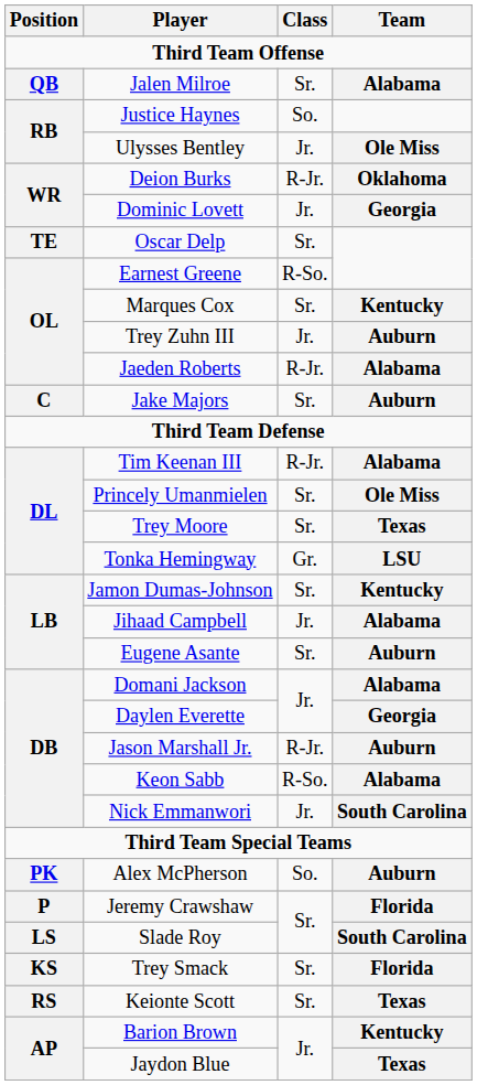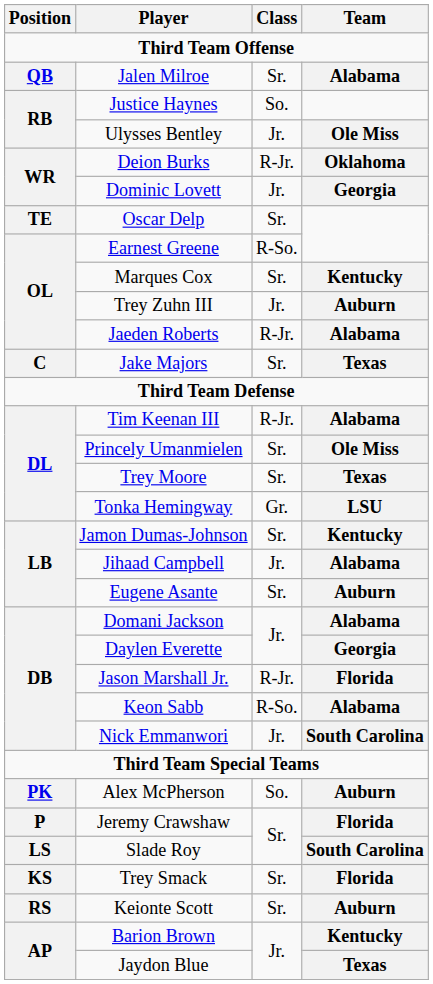 <table class="wikitable">
 <tr>
 <th>Position</th>
 <th>Player</th>
 <th>Class</th>
 <th>Team</th>
 </tr>
 <tr>
 <td colspan="4" style="text-align:center; "><strong>Third Team Offense</strong></td>
 </tr>
 <tr style="text-align:center;">
 <th rowspan="1"><a href='#'>QB</a></th>
 <td><a href='#'>Jalen Milroe</a></td>
 <td>Sr.</td>
 <th>Alabama</th>
 </tr>
 <tr style="text-align:center;">
 <th rowspan="2">RB</th>
 <td><a href='#'>Justice Haynes</a></td>
 <td>So.</td>
 </tr>
 <tr style="text-align:center;">
 <td>Ulysses Bentley</td>
 <td>Jr.</td>
 <th>Ole Miss</th>
 </tr>
 <tr style="text-align:center;">
 <th rowspan="2">WR</th>
 <td><a href='#'>Deion Burks</a></td>
 <td>R-Jr.</td>
 <th>Oklahoma</th>
 </tr>
 <tr style="text-align:center;">
 <td><a href='#'>Dominic Lovett</a></td>
 <td>Jr.</td>
 <th>Georgia</th>
 </tr>
 <tr style="text-align:center;">
 <th>TE</th>
 <td><a href='#'>Oscar Delp</a></td>
 <td>Sr.</td>
 </tr>
 <tr style="text-align:center;">
 <th rowspan="4">OL</th>
 <td><a href='#'>Earnest Greene</a></td>
 <td>R-So.</td>
 </tr>
 <tr style="text-align:center;">
 <td>Marques Cox</td>
 <td>Sr.</td>
 <th>Kentucky</th>
 </tr>
 <tr style="text-align:center;">
 <td>Trey Zuhn III</td>
 <td>Jr.</td>
 <th>Auburn</th>
 </tr>
 <tr style="text-align:center;">
 <td><a href='#'>Jaeden Roberts</a></td>
 <td>R-Jr.</td>
 <th>Alabama</th>
 </tr>
 <tr style="text-align:center;">
 <th>C</th>
 <td><a href='#'>Jake Majors</a></td>
 <td>Sr.</td>
-<th>Auburn</th>
+<th>Texas</th>
 </tr>
 <tr style="text-align:center;">
 <td colspan="4" style="text-align:center; "><strong>Third Team Defense</strong></td>
 </tr>
 <tr style="text-align:center;">
 <th rowspan="4"><a href='#'>DL</a></th>
 <td><a href='#'>Tim Keenan III</a></td>
 <td>R-Jr.</td>
 <th>Alabama</th>
 </tr>
 <tr style="text-align:center;">
 <td><a href='#'>Princely Umanmielen</a></td>
 <td>Sr.</td>
 <th>Ole Miss</th>
 </tr>
 <tr style="text-align:center;">
 <td><a href='#'>Trey Moore</a></td>
 <td>Sr.</td>
 <th>Texas</th>
 </tr>
 <tr style="text-align:center;">
 <td><a href='#'>Tonka Hemingway</a></td>
 <td>Gr.</td>
 <th>LSU</th>
 </tr>
 <tr style="text-align:center;">
 <th rowspan="3">LB</th>
 <td><a href='#'>Jamon Dumas-Johnson</a></td>
 <td>Sr.</td>
 <th>Kentucky</th>
 </tr>
 <tr style="text-align:center;">
 <td><a href='#'>Jihaad Campbell</a></td>
 <td>Jr.</td>
 <th>Alabama</th>
 </tr>
 <tr style="text-align:center;">
 <td><a href='#'>Eugene Asante</a></td>
 <td>Sr.</td>
 <th>Auburn</th>
 </tr>
 <tr style="text-align:center;">
 <th rowspan="5">DB</th>
 <td><a href='#'>Domani Jackson</a></td>
 <td rowspan=2>Jr.</td>
 <th>Alabama</th>
 </tr>
 <tr style="text-align:center;">
 <td><a href='#'>Daylen Everette</a></td>
 <th>Georgia</th>
 </tr>
 <tr style="text-align:center;">
 <td><a href='#'>Jason Marshall Jr.</a></td>
 <td>R-Jr.</td>
-<th>Auburn</th>
+<th>Florida</th>
 </tr>
 <tr style="text-align:center;">
 <td><a href='#'>Keon Sabb</a></td>
 <td>R-So.</td>
 <th>Alabama</th>
 </tr>
 <tr style="text-align:center;">
 <td><a href='#'>Nick Emmanwori</a></td>
 <td>Jr.</td>
 <th>South Carolina</th>
 </tr>
 <tr>
 <td colspan="4" style="text-align:center; "><strong>Third Team Special Teams</strong></td>
 </tr>
 <tr style="text-align:center;">
 <th rowspan="1"><a href='#'>PK</a></th>
 <td>Alex McPherson</td>
 <td>So.</td>
 <th>Auburn</th>
 </tr>
 <tr style="text-align:center;">
 <th>P</th>
 <td>Jeremy Crawshaw</td>
 <td rowspan=2>Sr.</td>
 <th>Florida</th>
 </tr>
 <tr style="text-align:center;">
 <th>LS</th>
 <td>Slade Roy</td>
 <th>South Carolina</th>
 </tr>
 <tr style="text-align:center;">
 <th>KS</th>
 <td>Trey Smack</td>
 <td>Sr.</td>
 <th>Florida</th>
 </tr>
 <tr style="text-align:center;">
 <th>RS</th>
 <td>Keionte Scott</td>
 <td>Sr.</td>
-<th>Texas</th>
+<th>Auburn</th>
 </tr>
 <tr style="text-align:center;">
 <th rowspan="2">AP</th>
 <td><a href='#'>Barion Brown</a></td>
 <td rowspan=2>Jr.</td>
 <th>Kentucky</th>
 </tr>
 <tr style="text-align:center;">
 <td>Jaydon Blue</td>
 <th>Texas</th>
 </tr>
 <tr>
 </tr>
 </table>
